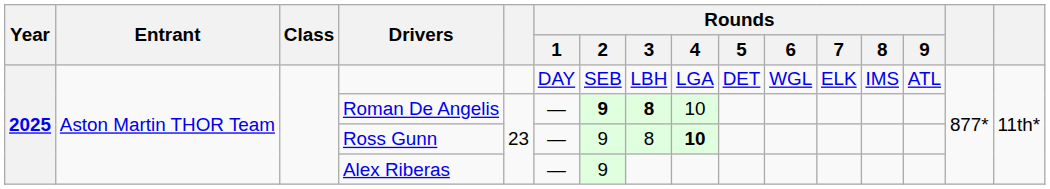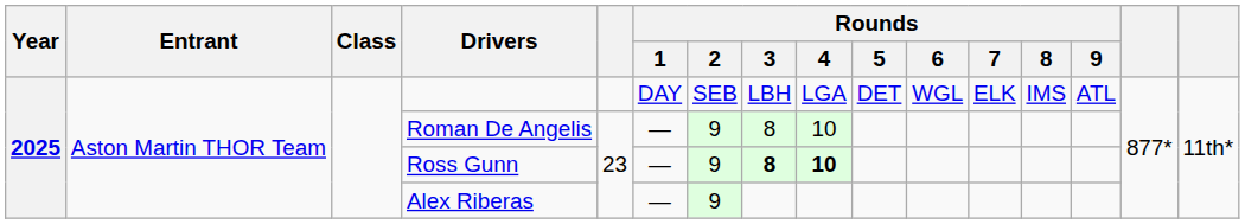 <table class="wikitable" style="text-align:center; font-size:90%">
 <tr>
 <th rowspan="2">Year</th>
 <th rowspan="2">Entrant</th>
 <th rowspan="2">Class</th>
 <th rowspan="2">Drivers</th>
 <th rowspan="2"></th>
 <th colspan="9">Rounds</th>
 <th rowspan="2" scope="col"></th>
 <th rowspan="2" scope="col"></th>
 </tr>
 <tr>
 <th scope="col">1</th>
 <th scope="col">2</th>
 <th scope="col">3</th>
 <th scope="col">4</th>
 <th scope="col">5</th>
 <th scope="col">6</th>
 <th scope="col">7</th>
 <th scope="col">8</th>
 <th>9</th>
 </tr>
 <tr>
 <th rowspan="4"><a href='#'>2025</a></th>
 <td rowspan="4" align="left" style="border-left:0px"><a href='#'>Aston Martin THOR Team</a></td>
 <td rowspan="4"></td>
 <td></td>
 <td></td>
 <td><a href='#'>DAY</a></td>
 <td><a href='#'>SEB</a></td>
 <td><a href='#'>LBH</a></td>
 <td><a href='#'>LGA</a></td>
 <td><a href='#'>DET</a></td>
 <td><a href='#'>WGL</a></td>
 <td><a href='#'>ELK</a></td>
 <td><a href='#'>IMS</a></td>
 <td><a href='#'>ATL</a></td>
 <td rowspan="4">877*</td>
 <td rowspan="4">11th*</td>
 </tr>
 <tr>
 <td align="left"> <a href='#'>Roman De Angelis</a></td>
 <td rowspan="3">23</td>
 <td>—</td>
-<td style="background:#DFFFDF;”"><strong>9</strong></td>
-<td style="background:#DFFFDF;”"><strong>8</strong></td>
+<td style="background:#DFFFDF;”">9</td>
+<td style="background:#DFFFDF;”">8</td>
 <td style="background:#DFFFDF;”">10</td>
 <td></td>
 <td></td>
 <td></td>
 <td></td>
 <td></td>
 </tr>
 <tr>
 <td align="left"> <a href='#'>Ross Gunn</a></td>
 <td>—</td>
 <td style="background:#DFFFDF;”">9</td>
-<td style="background:#DFFFDF;”">8</td>
+<td style="background:#DFFFDF;”"><strong>8</strong></td>
 <td style="background:#DFFFDF;”"><strong>10</strong></td>
 <td></td>
 <td></td>
 <td></td>
 <td></td>
 <td></td>
 </tr>
 <tr>
 <td align="left "> <a href='#'>Alex Riberas</a></td>
 <td>—</td>
 <td style="background:#DFFFDF;”">9</td>
 <td></td>
 <td></td>
 <td></td>
 <td></td>
 <td></td>
 <td></td>
 <td></td>
 </tr>
 </table>
